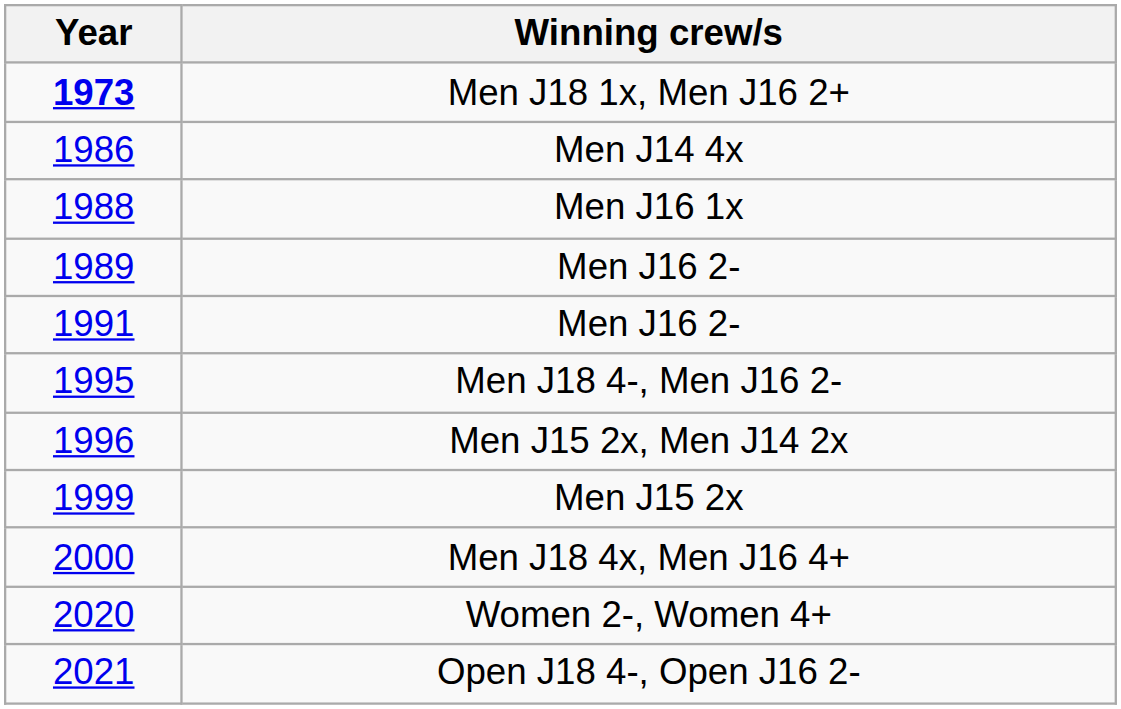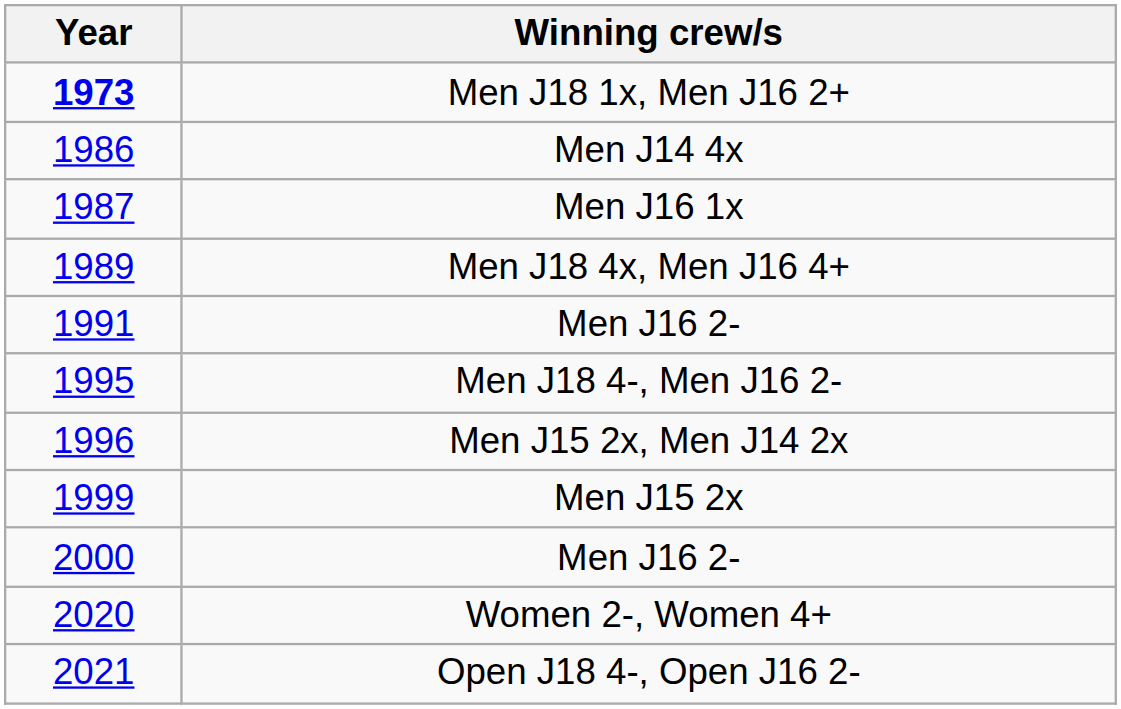 <table class="wikitable" style="text-align:center">
 <tr>
 <th width=70>Year</th>
 <th width=400>Winning crew/s</th>
 </tr>
 <tr>
 <td><strong><a href='#'>1973</a></strong></td>
 <td>Men J18 1x, Men J16 2+</td>
 </tr>
 <tr>
 <td><a href='#'>1986</a></td>
 <td>Men J14 4x</td>
 </tr>
 <tr>
-<td><a href='#'>1988</a></td>
+<td><a href='#'>1987</a></td>
 <td>Men J16 1x </td>
 </tr>
 <tr>
 <td><a href='#'>1989</a></td>
-<td>Men J16 2-</td>
+<td>Men J18 4x, Men J16 4+</td>
 </tr>
 <tr>
 <td><a href='#'>1991</a></td>
 <td>Men J16 2-</td>
 </tr>
 <tr>
 <td><a href='#'>1995</a></td>
 <td>Men J18 4-, Men J16 2-</td>
 </tr>
 <tr>
 <td><a href='#'>1996</a></td>
 <td>Men J15 2x, Men J14 2x</td>
 </tr>
 <tr>
 <td><a href='#'>1999</a></td>
 <td>Men J15 2x </td>
 </tr>
 <tr>
 <td><a href='#'>2000</a></td>
-<td>Men J18 4x, Men J16 4+</td>
+<td>Men J16 2-</td>
 </tr>
 <tr>
 <td><a href='#'>2020</a></td>
 <td>Women 2-, Women 4+ </td>
 </tr>
 <tr>
 <td><a href='#'>2021</a></td>
 <td>Open J18 4-, Open J16 2- </td>
 </tr>
 </table>
